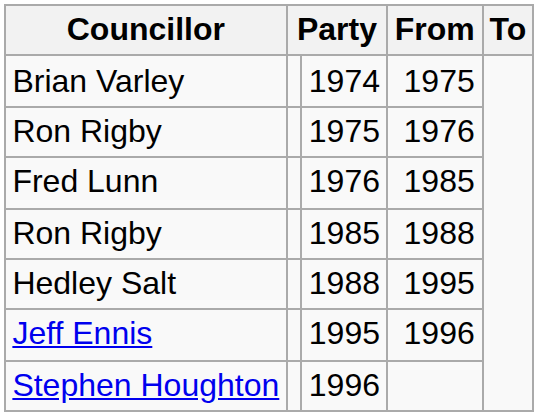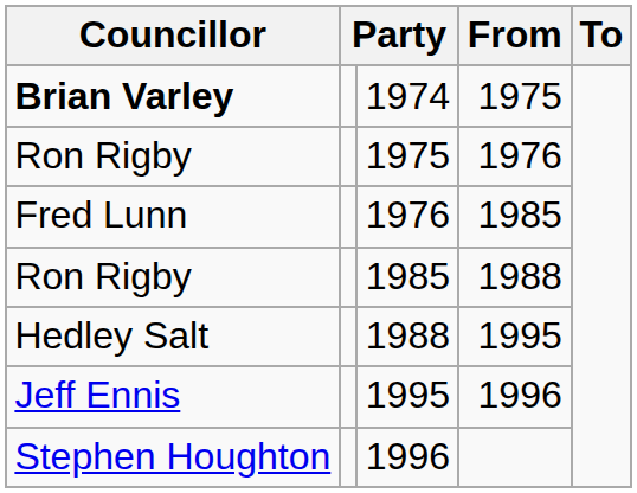 <table class=wikitable>
 <tr>
 <th>Councillor</th>
 <th colspan=2>Party</th>
 <th>From</th>
 <th>To</th>
 </tr>
 <tr>
-<td>Brian Varley</td>
+<td><strong>Brian Varley</strong></td>
 <td></td>
 <td align=right>1974</td>
 <td align=right>1975</td>
 </tr>
 <tr>
 <td>Ron Rigby</td>
 <td></td>
 <td align=right>1975</td>
 <td align=right>1976</td>
 </tr>
 <tr>
 <td>Fred Lunn</td>
 <td></td>
 <td align=right>1976</td>
 <td align=right>1985</td>
 </tr>
 <tr>
 <td>Ron Rigby</td>
 <td></td>
 <td align=right>1985</td>
 <td align=right>1988</td>
 </tr>
 <tr>
 <td>Hedley Salt</td>
 <td></td>
 <td align=right>1988</td>
 <td align=right>1995</td>
 </tr>
 <tr>
 <td><a href='#'>Jeff Ennis</a></td>
 <td></td>
 <td align=right>1995</td>
 <td align=right>1996</td>
 </tr>
 <tr>
 <td><a href='#'>Stephen Houghton</a></td>
 <td></td>
 <td align=right>1996</td>
 <td align=right></td>
 </tr>
 </table>
